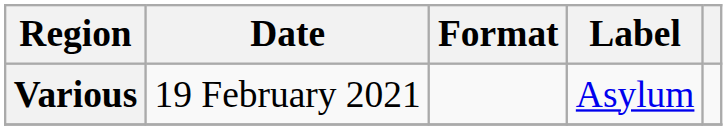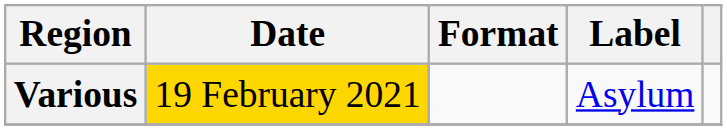 <table class="wikitable plainrowheaders">
 <tr>
 <th scope="col">Region</th>
 <th scope="col">Date</th>
 <th scope="col">Format</th>
 <th scope="col">Label</th>
 <th scope="col"></th>
 </tr>
 <tr>
 <th scope="row">Various</th>
-<td>19 February 2021</td>
+<td style="background: gold;">19 February 2021</td>
 <td></td>
 <td><a href='#'>Asylum</a></td>
 <td></td>
 </tr>
 <tr>
 </tr>
 </table>
